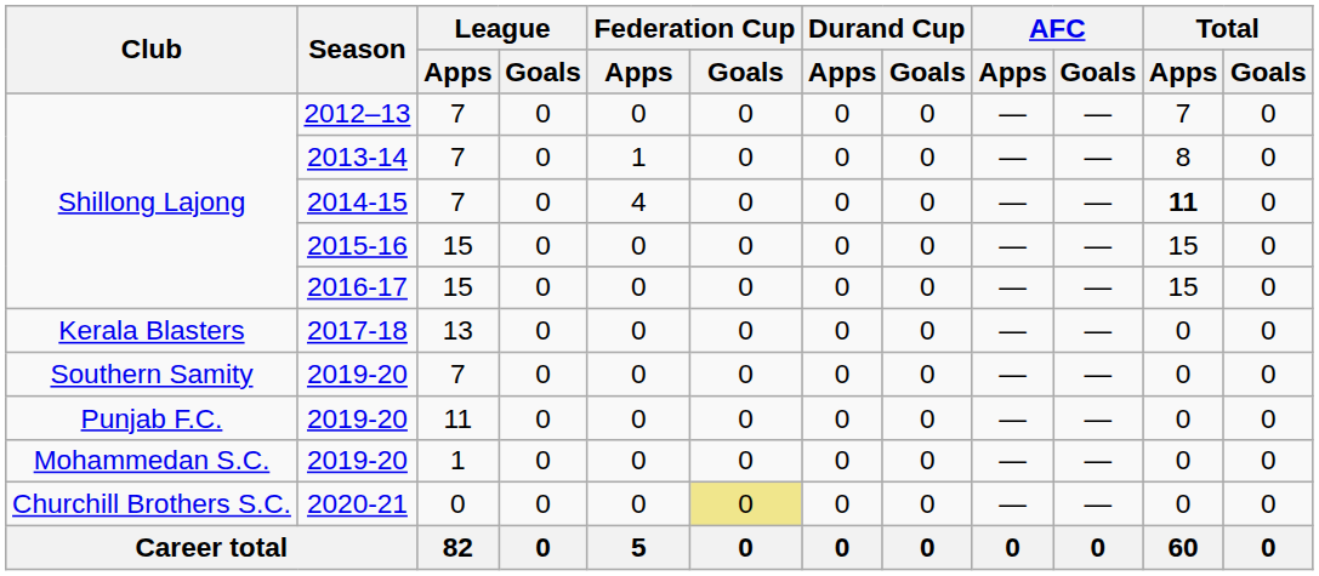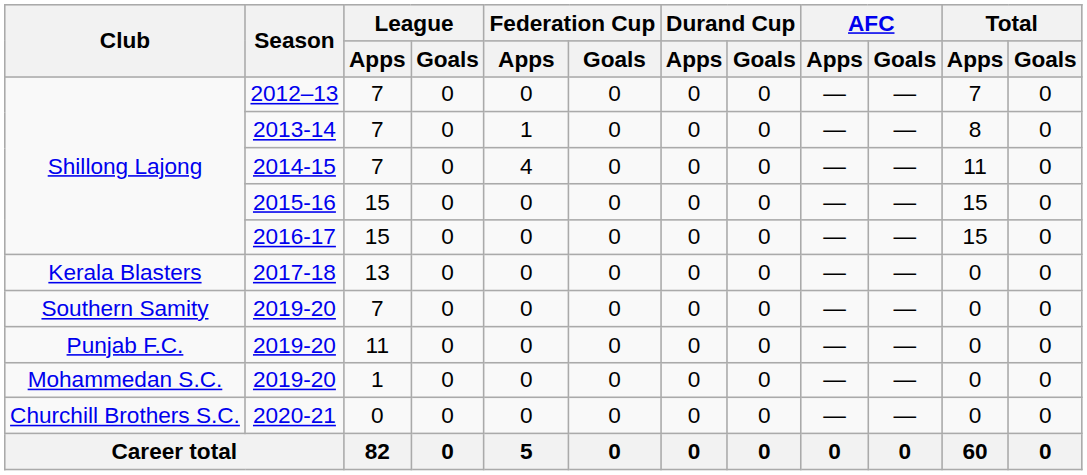 <table class="wikitable" style="font-size:90%; text-align:center;">
 <tr>
 <th rowspan="2">Club</th>
 <th rowspan="2">Season</th>
 <th colspan="2">League</th>
 <th colspan="2">Federation Cup</th>
 <th colspan="2">Durand Cup</th>
 <th colspan="2"><a href='#'>AFC</a></th>
 <th colspan="2">Total</th>
 </tr>
 <tr>
 <th>Apps</th>
 <th>Goals</th>
 <th>Apps</th>
 <th>Goals</th>
 <th>Apps</th>
 <th>Goals</th>
 <th>Apps</th>
 <th>Goals</th>
 <th>Apps</th>
 <th>Goals</th>
 </tr>
 <tr>
 <td rowspan="5"><a href='#'>Shillong Lajong</a></td>
 <td><a href='#'>2012–13</a></td>
 <td>7</td>
 <td>0</td>
 <td>0</td>
 <td>0</td>
 <td>0</td>
 <td>0</td>
 <td>—</td>
 <td>—</td>
 <td>7</td>
 <td>0</td>
 </tr>
 <tr>
 <td><a href='#'>2013-14</a></td>
 <td>7</td>
 <td>0</td>
 <td>1</td>
 <td>0</td>
 <td>0</td>
 <td>0</td>
 <td>—</td>
 <td>—</td>
 <td>8</td>
 <td>0</td>
 </tr>
 <tr>
 <td><a href='#'>2014-15</a></td>
 <td>7</td>
 <td>0</td>
 <td>4</td>
 <td>0</td>
 <td>0</td>
 <td>0</td>
 <td>—</td>
 <td>—</td>
-<td><strong>11</strong></td>
+<td>11</td>
 <td>0</td>
 </tr>
 <tr>
 <td><a href='#'>2015-16</a></td>
 <td>15</td>
 <td>0</td>
 <td>0</td>
 <td>0</td>
 <td>0</td>
 <td>0</td>
 <td>—</td>
 <td>—</td>
 <td>15</td>
 <td>0</td>
 </tr>
 <tr>
 <td><a href='#'>2016-17</a></td>
 <td>15</td>
 <td>0</td>
 <td>0</td>
 <td>0</td>
 <td>0</td>
 <td>0</td>
 <td>—</td>
 <td>—</td>
 <td>15</td>
 <td>0</td>
 </tr>
 <tr>
 <td rowspan="1"><a href='#'>Kerala Blasters</a></td>
 <td><a href='#'>2017-18</a></td>
 <td>13</td>
 <td>0</td>
 <td>0</td>
 <td>0</td>
 <td>0</td>
 <td>0</td>
 <td>—</td>
 <td>—</td>
 <td>0</td>
 <td>0</td>
 </tr>
 <tr>
 <td rowspan="1"><a href='#'>Southern Samity</a></td>
 <td><a href='#'>2019-20</a></td>
 <td>7</td>
 <td>0</td>
 <td>0</td>
 <td>0</td>
 <td>0</td>
 <td>0</td>
 <td>—</td>
 <td>—</td>
 <td>0</td>
 <td>0</td>
 </tr>
 <tr>
 <td rowspan="1"><a href='#'>Punjab F.C.</a></td>
 <td><a href='#'>2019-20</a></td>
 <td>11</td>
 <td>0</td>
 <td>0</td>
 <td>0</td>
 <td>0</td>
 <td>0</td>
 <td>—</td>
 <td>—</td>
 <td>0</td>
 <td>0</td>
 </tr>
 <tr>
 <td rowspan="1"><a href='#'>Mohammedan S.C.</a></td>
 <td><a href='#'>2019-20</a></td>
 <td>1</td>
 <td>0</td>
 <td>0</td>
 <td>0</td>
 <td>0</td>
 <td>0</td>
 <td>—</td>
 <td>—</td>
 <td>0</td>
 <td>0</td>
 </tr>
 <tr>
 <td rowspan="1"><a href='#'>Churchill Brothers S.C.</a></td>
 <td><a href='#'>2020-21</a></td>
 <td>0</td>
 <td>0</td>
 <td>0</td>
-<td style="background: khaki;">0</td>
+<td>0</td>
 <td>0</td>
 <td>0</td>
 <td>—</td>
 <td>—</td>
 <td>0</td>
 <td>0</td>
 </tr>
 <tr>
 <th colspan="2">Career total</th>
 <th>82</th>
 <th>0</th>
 <th>5</th>
 <th>0</th>
 <th>0</th>
 <th>0</th>
 <th>0</th>
 <th>0</th>
 <th>60</th>
 <th>0</th>
 </tr>
 </table>
